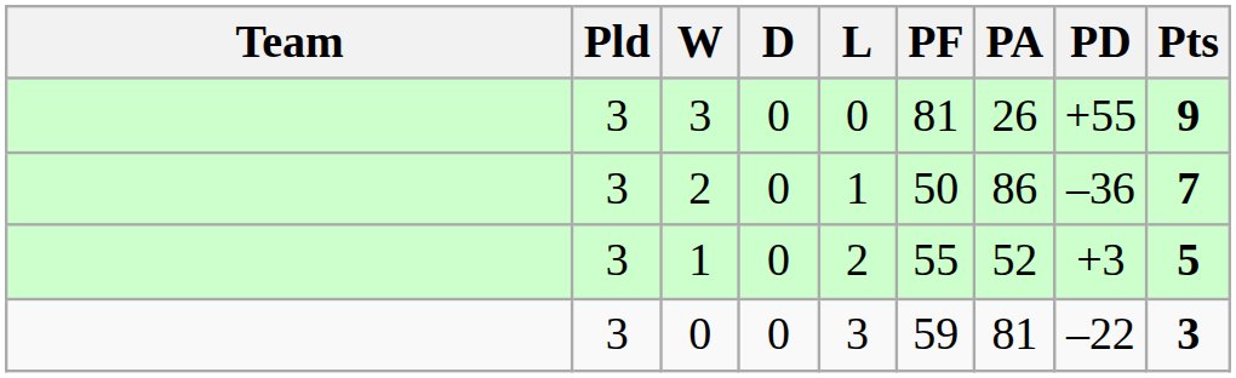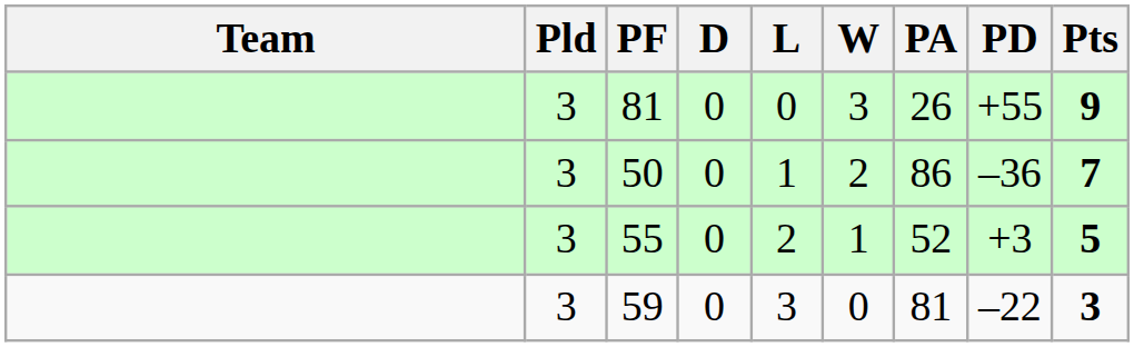 <table class="wikitable" style="text-align:center;">
 <tr>
 <th width="190">Team</th>
 <th width="20" abbr="Played">Pld</th>
-<th width="20" abbr="Won">W</th>
+<th width="20" abbr="Points for">PF</th>
 <th width="20" abbr="Drawn">D</th>
 <th width="20" abbr="Lost">L</th>
-<th width="20" abbr="Points for">PF</th>
+<th width="20" abbr="Won">W</th>
 <th width="20" abbr="Points against">PA</th>
 <th width="25" abbr="Points difference">PD</th>
 <th width="20" abbr="Points">Pts</th>
 </tr>
 <tr style="background:#ccffcc">
 <td align="left"></td>
 <td>3</td>
-<td>3</td>
+<td>81</td>
 <td>0</td>
 <td>0</td>
-<td>81</td>
+<td>3</td>
 <td>26</td>
 <td>+55</td>
 <td><strong>9</strong></td>
 </tr>
 <tr style="background:#ccffcc">
 <td align="left"></td>
 <td>3</td>
-<td>2</td>
+<td>50</td>
 <td>0</td>
 <td>1</td>
-<td>50</td>
+<td>2</td>
 <td>86</td>
 <td>–36</td>
 <td><strong>7</strong></td>
 </tr>
 <tr style="background:#ccffcc">
 <td align="left"></td>
 <td>3</td>
-<td>1</td>
+<td>55</td>
 <td>0</td>
 <td>2</td>
-<td>55</td>
+<td>1</td>
 <td>52</td>
 <td>+3</td>
 <td><strong>5</strong></td>
 </tr>
 <tr>
 <td align="left"></td>
 <td>3</td>
-<td>0</td>
+<td>59</td>
 <td>0</td>
 <td>3</td>
-<td>59</td>
+<td>0</td>
 <td>81</td>
 <td>–22</td>
 <td><strong>3</strong></td>
 </tr>
 </table>
